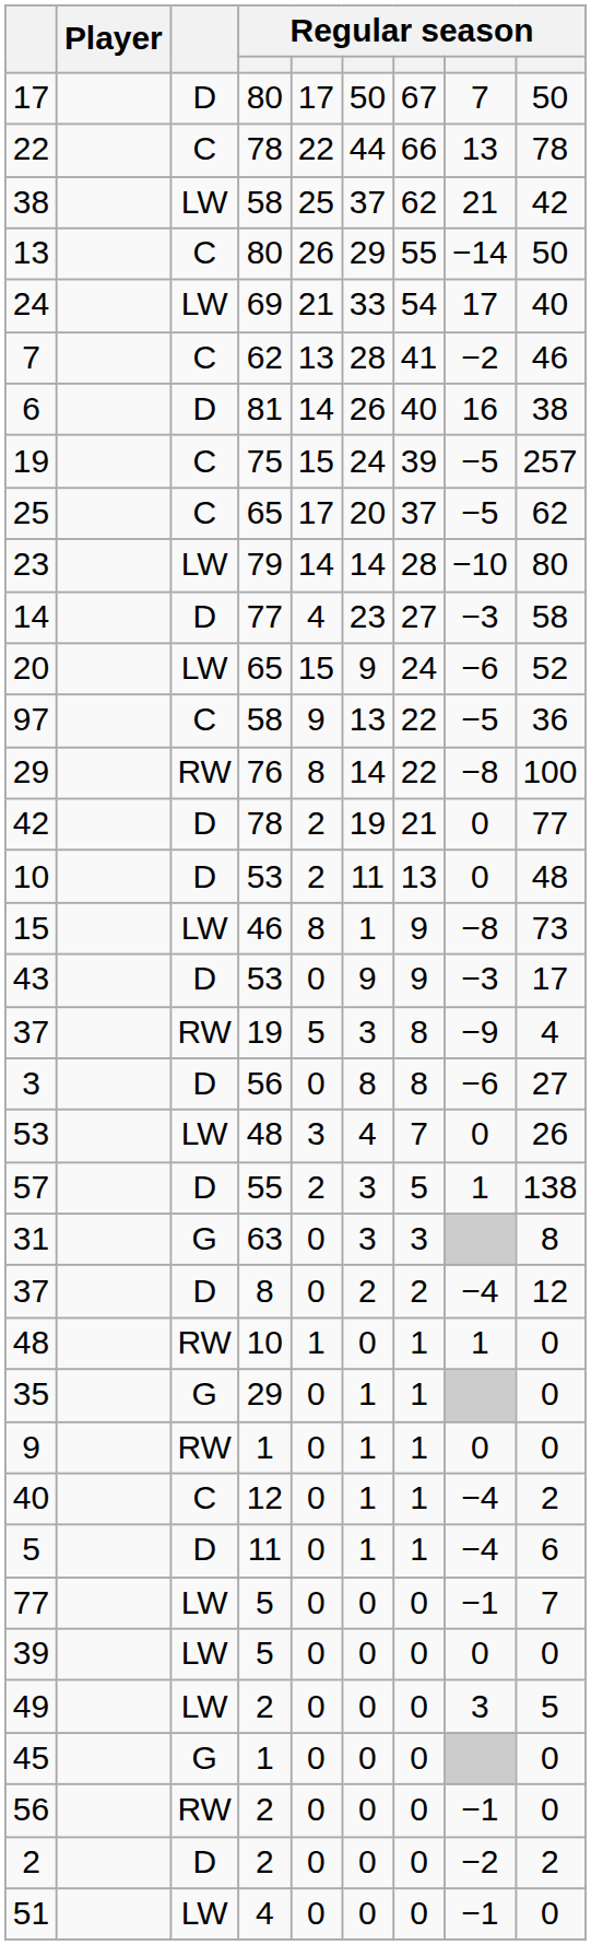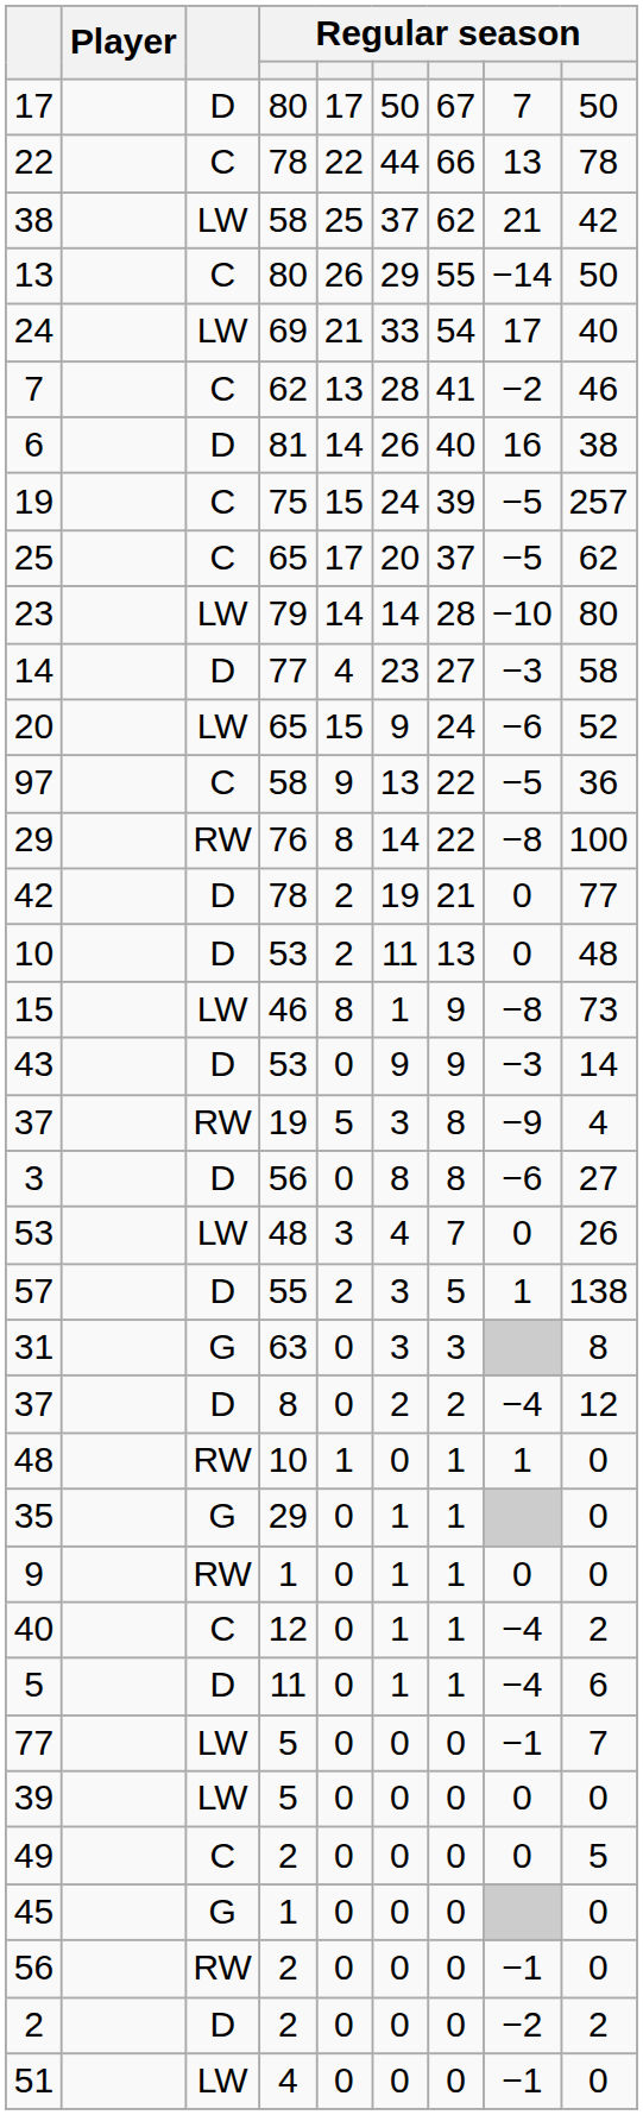 <table class="wikitable sortable plainrowheaders" style="text-align:center;">
 <tr>
 <th scope="col" data-sort-type="number" rowspan="2"></th>
 <th scope="col" rowspan="2">Player</th>
 <th scope="col" rowspan="2"></th>
 <th scope=colgroup colspan=6>Regular season</th>
 </tr>
 <tr>
 <th scope="col" data-sort-type="number"></th>
 <th scope="col" data-sort-type="number"></th>
 <th scope="col" data-sort-type="number"></th>
 <th scope="col" data-sort-type="number"></th>
 <th scope="col" data-sort-type="number"></th>
 <th scope="col" data-sort-type="number"></th>
 </tr>
 <tr>
 <td scope="row">17</td>
 <td align="left"></td>
 <td>D</td>
 <td>80</td>
 <td>17</td>
 <td>50</td>
 <td>67</td>
 <td>7</td>
 <td>50</td>
 </tr>
 <tr>
 <td scope="row">22</td>
 <td align="left"></td>
 <td>C</td>
 <td>78</td>
 <td>22</td>
 <td>44</td>
 <td>66</td>
 <td>13</td>
 <td>78</td>
 </tr>
 <tr>
 <td scope="row">38</td>
 <td align="left"></td>
 <td>LW</td>
 <td>58</td>
 <td>25</td>
 <td>37</td>
 <td>62</td>
 <td>21</td>
 <td>42</td>
 </tr>
 <tr>
 <td scope="row">13</td>
 <td align="left"></td>
 <td>C</td>
 <td>80</td>
 <td>26</td>
 <td>29</td>
 <td>55</td>
 <td>−14</td>
 <td>50</td>
 </tr>
 <tr>
 <td scope="row">24</td>
 <td align="left"></td>
 <td>LW</td>
 <td>69</td>
 <td>21</td>
 <td>33</td>
 <td>54</td>
 <td>17</td>
 <td>40</td>
 </tr>
 <tr>
 <td scope="row">7</td>
 <td align="left"></td>
 <td>C</td>
 <td>62</td>
 <td>13</td>
 <td>28</td>
 <td>41</td>
 <td>−2</td>
 <td>46</td>
 </tr>
 <tr>
 <td scope="row">6</td>
 <td align="left"></td>
 <td>D</td>
 <td>81</td>
 <td>14</td>
 <td>26</td>
 <td>40</td>
 <td>16</td>
 <td>38</td>
 </tr>
 <tr>
 <td scope="row">19</td>
 <td align="left"></td>
 <td>C</td>
 <td>75</td>
 <td>15</td>
 <td>24</td>
 <td>39</td>
 <td>−5</td>
 <td>257</td>
 </tr>
 <tr>
 <td scope="row">25</td>
 <td align="left"></td>
 <td>C</td>
 <td>65</td>
 <td>17</td>
 <td>20</td>
 <td>37</td>
 <td>−5</td>
 <td>62</td>
 </tr>
 <tr>
 <td scope="row">23</td>
 <td align="left"></td>
 <td>LW</td>
 <td>79</td>
 <td>14</td>
 <td>14</td>
 <td>28</td>
 <td>−10</td>
 <td>80</td>
 </tr>
 <tr>
 <td scope="row">14</td>
 <td align="left"></td>
 <td>D</td>
 <td>77</td>
 <td>4</td>
 <td>23</td>
 <td>27</td>
 <td>−3</td>
 <td>58</td>
 </tr>
 <tr>
 <td scope="row">20</td>
 <td align="left"></td>
 <td>LW</td>
 <td>65</td>
 <td>15</td>
 <td>9</td>
 <td>24</td>
 <td>−6</td>
 <td>52</td>
 </tr>
 <tr>
 <td scope="row">97</td>
 <td align="left"></td>
 <td>C</td>
 <td>58</td>
 <td>9</td>
 <td>13</td>
 <td>22</td>
 <td>−5</td>
 <td>36</td>
 </tr>
 <tr>
 <td scope="row">29</td>
 <td align="left"></td>
 <td>RW</td>
 <td>76</td>
 <td>8</td>
 <td>14</td>
 <td>22</td>
 <td>−8</td>
 <td>100</td>
 </tr>
 <tr>
 <td scope="row">42</td>
 <td align="left"></td>
 <td>D</td>
 <td>78</td>
 <td>2</td>
 <td>19</td>
 <td>21</td>
 <td>0</td>
 <td>77</td>
 </tr>
 <tr>
 <td scope="row">10</td>
 <td align="left"></td>
 <td>D</td>
 <td>53</td>
 <td>2</td>
 <td>11</td>
 <td>13</td>
 <td>0</td>
 <td>48</td>
 </tr>
 <tr>
 <td scope="row">15</td>
 <td align="left"></td>
 <td>LW</td>
 <td>46</td>
 <td>8</td>
 <td>1</td>
 <td>9</td>
 <td>−8</td>
 <td>73</td>
 </tr>
 <tr>
 <td scope="row">43</td>
 <td align="left"></td>
 <td>D</td>
 <td>53</td>
 <td>0</td>
 <td>9</td>
 <td>9</td>
 <td>−3</td>
-<td>17</td>
+<td>14</td>
 </tr>
 <tr>
 <td scope="row">37</td>
 <td align="left"></td>
 <td>RW</td>
 <td>19</td>
 <td>5</td>
 <td>3</td>
 <td>8</td>
 <td>−9</td>
 <td>4</td>
 </tr>
 <tr>
 <td scope="row">3</td>
 <td align="left"></td>
 <td>D</td>
 <td>56</td>
 <td>0</td>
 <td>8</td>
 <td>8</td>
 <td>−6</td>
 <td>27</td>
 </tr>
 <tr>
 <td scope="row">53</td>
 <td align="left"></td>
 <td>LW</td>
 <td>48</td>
 <td>3</td>
 <td>4</td>
 <td>7</td>
 <td>0</td>
 <td>26</td>
 </tr>
 <tr>
 <td scope="row">57</td>
 <td align="left"></td>
 <td>D</td>
 <td>55</td>
 <td>2</td>
 <td>3</td>
 <td>5</td>
 <td>1</td>
 <td>138</td>
 </tr>
 <tr>
 <td scope="row">31</td>
 <td align="left"></td>
 <td>G</td>
 <td>63</td>
 <td>0</td>
 <td>3</td>
 <td>3</td>
 <td style="background:#ccc"></td>
 <td>8</td>
 </tr>
 <tr>
 <td scope="row">37</td>
 <td align="left"></td>
 <td>D</td>
 <td>8</td>
 <td>0</td>
 <td>2</td>
 <td>2</td>
 <td>−4</td>
 <td>12</td>
 </tr>
 <tr>
 <td scope="row">48</td>
 <td align="left"></td>
 <td>RW</td>
 <td>10</td>
 <td>1</td>
 <td>0</td>
 <td>1</td>
 <td>1</td>
 <td>0</td>
 </tr>
 <tr>
 <td scope="row">35</td>
 <td align="left"></td>
 <td>G</td>
 <td>29</td>
 <td>0</td>
 <td>1</td>
 <td>1</td>
 <td style="background:#ccc"></td>
 <td>0</td>
 </tr>
 <tr>
 <td scope="row">9</td>
 <td align="left"></td>
 <td>RW</td>
 <td>1</td>
 <td>0</td>
 <td>1</td>
 <td>1</td>
 <td>0</td>
 <td>0</td>
 </tr>
 <tr>
 <td scope="row">40</td>
 <td align="left"></td>
 <td>C</td>
 <td>12</td>
 <td>0</td>
 <td>1</td>
 <td>1</td>
 <td>−4</td>
 <td>2</td>
 </tr>
 <tr>
 <td scope="row">5</td>
 <td align="left"></td>
 <td>D</td>
 <td>11</td>
 <td>0</td>
 <td>1</td>
 <td>1</td>
 <td>−4</td>
 <td>6</td>
 </tr>
 <tr>
 <td scope="row">77</td>
 <td align="left"></td>
 <td>LW</td>
 <td>5</td>
 <td>0</td>
 <td>0</td>
 <td>0</td>
 <td>−1</td>
 <td>7</td>
 </tr>
 <tr>
 <td scope="row">39</td>
 <td align="left"></td>
 <td>LW</td>
 <td>5</td>
 <td>0</td>
 <td>0</td>
 <td>0</td>
 <td>0</td>
 <td>0</td>
 </tr>
 <tr>
 <td scope="row">49</td>
 <td align="left"></td>
-<td>LW</td>
+<td>C</td>
 <td>2</td>
 <td>0</td>
 <td>0</td>
 <td>0</td>
-<td>3</td>
+<td>0</td>
 <td>5</td>
 </tr>
 <tr>
 <td scope="row">45</td>
 <td align="left"></td>
 <td>G</td>
 <td>1</td>
 <td>0</td>
 <td>0</td>
 <td>0</td>
 <td style="background:#ccc"></td>
 <td>0</td>
 </tr>
 <tr>
 <td scope="row">56</td>
 <td align="left"></td>
 <td>RW</td>
 <td>2</td>
 <td>0</td>
 <td>0</td>
 <td>0</td>
 <td>−1</td>
 <td>0</td>
 </tr>
 <tr>
 <td scope="row">2</td>
 <td align="left"></td>
 <td>D</td>
 <td>2</td>
 <td>0</td>
 <td>0</td>
 <td>0</td>
 <td>−2</td>
 <td>2</td>
 </tr>
 <tr>
 <td scope="row">51</td>
 <td align="left"></td>
 <td>LW</td>
 <td>4</td>
 <td>0</td>
 <td>0</td>
 <td>0</td>
 <td>−1</td>
 <td>0</td>
 </tr>
 </table>
